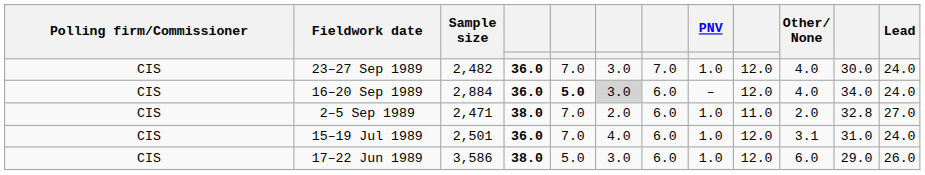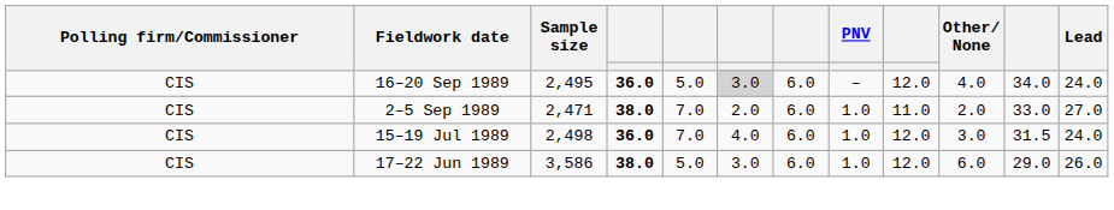 <table class="wikitable collapsible collapsed" style="text-align:center; font-size:90%; line-height:14px;">
 <tr style="height:42px;">
 <th style="width:250px;" rowspan="2">Polling firm/Commissioner</th>
 <th style="width:125px;" rowspan="2">Fieldwork date</th>
 <th style="width:50px;" rowspan="2">Sample size</th>
 <th style="width:35px;"></th>
 <th style="width:35px;"></th>
 <th style="width:35px;"></th>
 <th style="width:35px;"></th>
 <th style="width:35px;"><a href='#'>PNV</a></th>
 <th style="width:35px;"></th>
 <th style="width:35px;" rowspan="2">Other/<br>None</th>
 <th style="width:35px;" rowspan="2"></th>
 <th style="width:30px;" rowspan="2">Lead</th>
 </tr>
 <tr>
 <th style="color:inherit;background:"></th>
 <th style="color:inherit;background:"></th>
 <th style="color:inherit;background:"></th>
 <th style="color:inherit;background:"></th>
 <th style="color:inherit;background:"></th>
 <th style="color:inherit;background:"></th>
 </tr>
 <tr>
 <td>CIS</td>
-<td>23–27 Sep 1989</td>
-<td>2,482</td>
+<td>16–20 Sep 1989</td>
+<td>2,495</td>
 <td><strong>36.0</strong></td>
-<td>7.0</td>
-<td>3.0</td>
-<td>7.0</td>
-<td>1.0</td>
-<td>12.0</td>
-<td>4.0</td>
-<td>30.0</td>
-<td style="background:">24.0</td>
-</tr>
-<tr>
-<td>CIS</td>
-<td>16–20 Sep 1989</td>
-<td>2,884</td>
-<td><strong>36.0</strong></td>
-<td><strong>5.0</strong></td>
+<td>5.0</td>
 <td style="background: lightgrey;">3.0</td>
 <td>6.0</td>
 <td>–</td>
 <td>12.0</td>
 <td>4.0</td>
 <td>34.0</td>
 <td style="background:">24.0</td>
 </tr>
 <tr>
 <td>CIS</td>
 <td>2–5 Sep 1989</td>
 <td>2,471</td>
 <td><strong>38.0</strong></td>
 <td>7.0</td>
 <td>2.0</td>
 <td>6.0</td>
 <td>1.0</td>
 <td>11.0</td>
 <td>2.0</td>
-<td>32.8</td>
+<td>33.0</td>
 <td style="background:">27.0</td>
 </tr>
 <tr>
 <td>CIS</td>
 <td>15–19 Jul 1989</td>
-<td>2,501</td>
+<td>2,498</td>
 <td><strong>36.0</strong></td>
 <td>7.0</td>
 <td>4.0</td>
 <td>6.0</td>
 <td>1.0</td>
 <td>12.0</td>
-<td>3.1</td>
-<td>31.0</td>
+<td>3.0</td>
+<td>31.5</td>
 <td style="background:">24.0</td>
 </tr>
 <tr>
 <td>CIS</td>
 <td>17–22 Jun 1989</td>
 <td>3,586</td>
 <td><strong>38.0</strong></td>
 <td>5.0</td>
 <td>3.0</td>
 <td>6.0</td>
 <td>1.0</td>
 <td>12.0</td>
 <td>6.0</td>
 <td>29.0</td>
 <td style="background:">26.0</td>
 </tr>
 </table>
